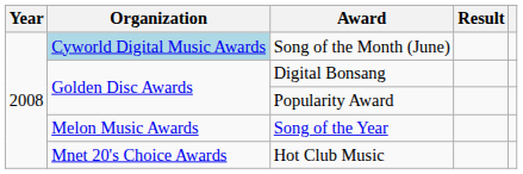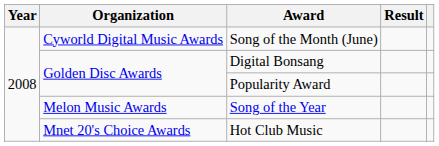 <table class="wikitable plainrowheaders">
 <tr>
 <th scope="col">Year</th>
 <th scope="col">Organization</th>
 <th scope="col">Award</th>
 <th scope="col">Result</th>
 <th class="unsortable"></th>
 </tr>
 <tr>
 <td rowspan="5">2008</td>
-<td style="background: lightblue;"><a href='#'>Cyworld Digital Music Awards</a></td>
+<td><a href='#'>Cyworld Digital Music Awards</a></td>
 <td>Song of the Month (June)</td>
 <td></td>
 <td style="text-align:center;"></td>
 </tr>
 <tr>
 <td rowspan="2"><a href='#'>Golden Disc Awards</a></td>
 <td>Digital Bonsang</td>
 <td></td>
 <td style="text-align:center;"></td>
 </tr>
 <tr>
 <td>Popularity Award</td>
 <td></td>
 <td style="text-align:center;"></td>
 </tr>
 <tr>
 <td><a href='#'>Melon Music Awards</a></td>
 <td><a href='#'>Song of the Year</a></td>
 <td></td>
 <td style="text-align:center;"></td>
 </tr>
 <tr>
 <td><a href='#'>Mnet 20's Choice Awards</a></td>
 <td>Hot Club Music</td>
 <td></td>
 <td style="text-align:center;"></td>
 </tr>
 </table>
